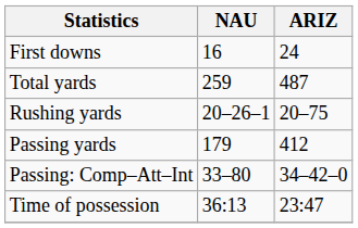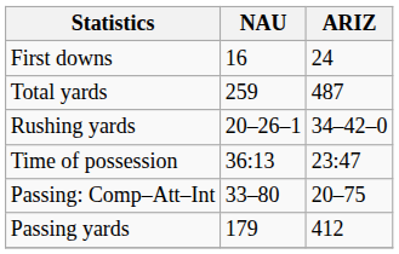 <table class="wikitable" style="float: left;">
 <tr>
 <th>Statistics</th>
 <th>NAU</th>
 <th>ARIZ</th>
 </tr>
 <tr>
 <td>First downs</td>
 <td>16</td>
 <td>24</td>
 </tr>
 <tr>
 <td>Total yards</td>
 <td>259</td>
 <td>487</td>
 </tr>
 <tr>
 <td>Rushing yards</td>
 <td>20–26–1</td>
+<td>34–42–0</td>
+</tr>
+<tr>
+<td>Time of possession</td>
+<td>36:13</td>
+<td>23:47</td>
+</tr>
+<tr>
+<td>Passing: Comp–Att–Int</td>
+<td>33–80</td>
 <td>20–75</td>
 </tr>
 <tr>
 <td>Passing yards</td>
 <td>179</td>
 <td>412</td>
 </tr>
 <tr>
-<td>Passing: Comp–Att–Int</td>
-<td>33–80</td>
-<td>34–42–0</td>
-</tr>
-<tr>
-<td>Time of possession</td>
-<td>36:13</td>
-<td>23:47</td>
-</tr>
-<tr>
 </tr>
 </table>
